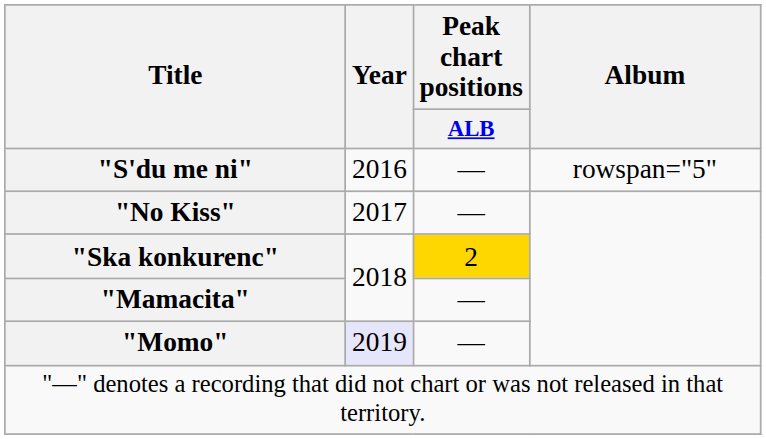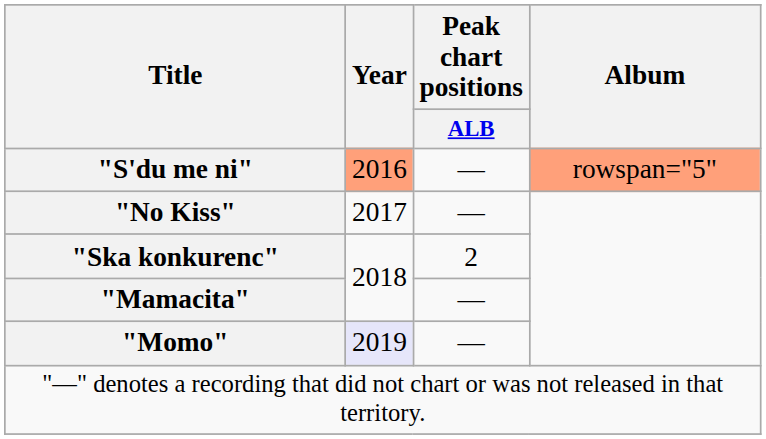 <table class="wikitable plainrowheaders" style="text-align:center;">
 <tr>
 <th scope="col" rowspan="2" style="width:12em;">Title</th>
 <th scope="col" rowspan="2" style="width:2em;">Year</th>
 <th scope="col" colspan="1">Peak<br>chart<br>positions</th>
 <th scope="col" rowspan="2" style="width:8em;">Album</th>
 </tr>
 <tr>
 <th style="width:40px; font-size:smaller;"><a href='#'>ALB</a><br></th>
 </tr>
 <tr>
 <th scope="row">"S'du me ni"<br></th>
-<td>2016</td>
+<td style="background: lightsalmon;">2016</td>
 <td>—</td>
-<td>rowspan="5" </td>
+<td style="background: lightsalmon;">rowspan="5" </td>
 </tr>
 <tr>
 <th scope="row">"No Kiss"<br></th>
 <td>2017</td>
 <td>—</td>
 </tr>
 <tr>
 <th scope="row">"Ska konkurenc"<br></th>
 <td rowspan="2">2018</td>
-<td style="background: gold;">2</td>
+<td>2</td>
 </tr>
 <tr>
 <th scope="row">"Mamacita"<br></th>
 <td>—</td>
 </tr>
 <tr>
 <th scope="row">"Momo"<br></th>
 <td style="background: lavender;">2019</td>
 <td>—</td>
 </tr>
 <tr>
 <td colspan="11" style="font-size:90%">"—" denotes a recording that did not chart or was not released in that territory.</td>
 </tr>
 </table>
